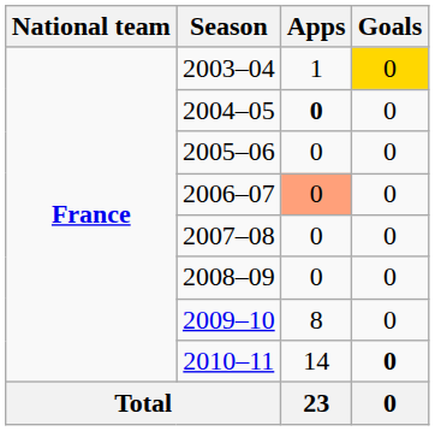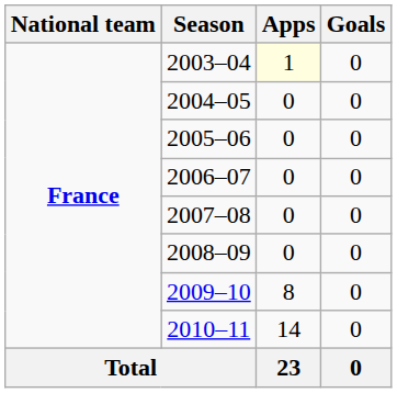 <table class="wikitable" style="text-align:center">
 <tr>
 <th>National team</th>
 <th>Season</th>
 <th>Apps</th>
 <th>Goals</th>
 </tr>
 <tr>
 <td rowspan=8 valign="center"><strong><a href='#'>France</a></strong></td>
 <td>2003–04</td>
-<td>1</td>
-<td style="background: gold;">0</td>
+<td style="background: lightyellow;">1</td>
+<td>0</td>
 </tr>
 <tr>
 <td>2004–05</td>
-<td><strong>0</strong></td>
+<td>0</td>
 <td>0</td>
 </tr>
 <tr>
 <td>2005–06</td>
 <td>0</td>
 <td>0</td>
 </tr>
 <tr>
 <td>2006–07</td>
-<td style="background: lightsalmon;">0</td>
+<td>0</td>
 <td>0</td>
 </tr>
 <tr>
 <td>2007–08</td>
 <td>0</td>
 <td>0</td>
 </tr>
 <tr>
 <td>2008–09</td>
 <td>0</td>
 <td>0</td>
 </tr>
 <tr>
 <td><a href='#'>2009–10</a></td>
 <td>8</td>
 <td>0</td>
 </tr>
 <tr>
 <td><a href='#'>2010–11</a></td>
 <td>14</td>
-<td><strong>0</strong></td>
+<td>0</td>
 </tr>
 <tr>
 <th colspan=2>Total</th>
 <th>23</th>
 <th>0</th>
 </tr>
 </table>
